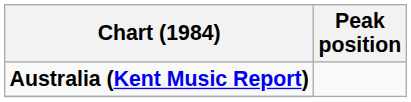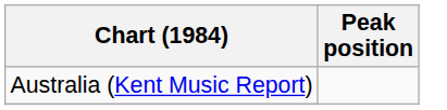 <table class="wikitable sortable">
 <tr>
 <th scope="col">Chart (1984)</th>
 <th scope="col">Peak<br>position</th>
 </tr>
 <tr>
-<td><strong>Australia (<a href='#'>Kent Music Report</a>)</strong></td>
+<td>Australia (<a href='#'>Kent Music Report</a>)</td>
 </tr>
 <tr>
 </tr>
 </table>
